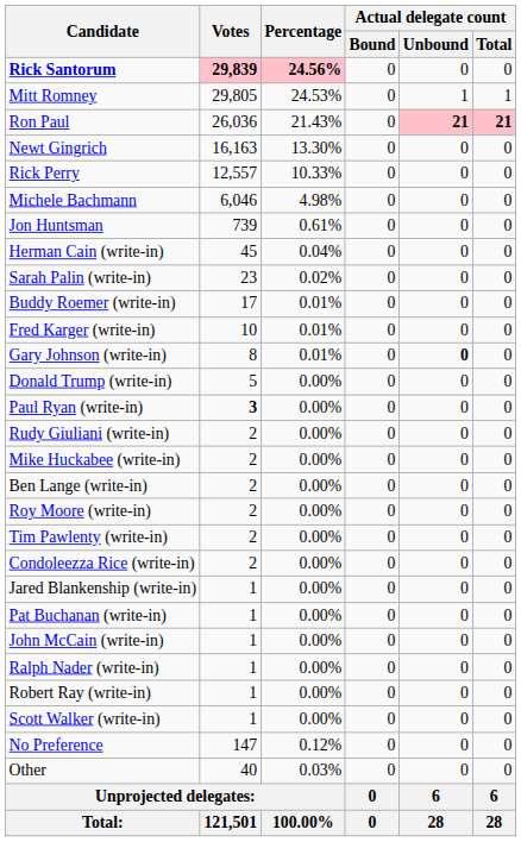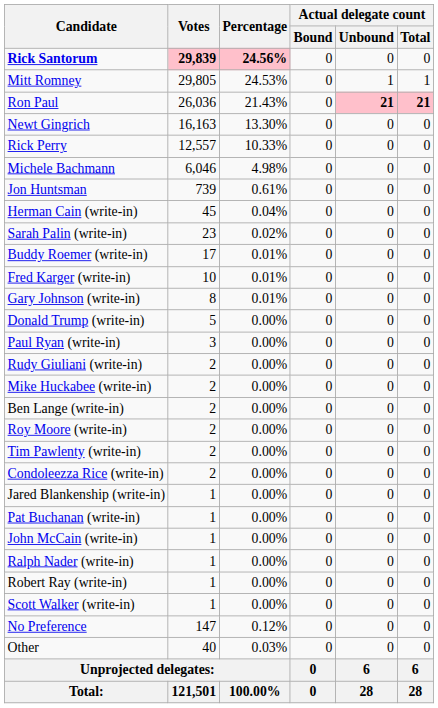 <table class="wikitable" style="text-align:right;">
 <tr>
 <th rowspan="2">Candidate</th>
 <th rowspan="2">Votes</th>
 <th rowspan="2">Percentage</th>
 <th colspan="3">Actual delegate count</th>
 </tr>
 <tr>
 <th>Bound</th>
 <th>Unbound</th>
 <th>Total</th>
 </tr>
 <tr>
 <td style="text-align:left;"> <strong><a href='#'>Rick Santorum</a></strong></td>
 <td style="background:pink;"><strong>29,839</strong></td>
 <td style="background:pink;"><strong>24.56%</strong></td>
 <td>0</td>
 <td>0</td>
 <td>0</td>
 </tr>
 <tr>
 <td style="text-align:left;"><a href='#'>Mitt Romney</a></td>
 <td>29,805</td>
 <td>24.53%</td>
 <td>0</td>
 <td>1</td>
 <td>1</td>
 </tr>
 <tr>
 <td style="text-align:left;"><a href='#'>Ron Paul</a></td>
 <td>26,036</td>
 <td>21.43%</td>
 <td>0</td>
 <td style="background:pink;"><strong>21</strong></td>
 <td style="background:pink;"><strong>21</strong></td>
 </tr>
 <tr>
 <td style="text-align:left;"><a href='#'>Newt Gingrich</a></td>
 <td>16,163</td>
 <td>13.30%</td>
 <td>0</td>
 <td>0</td>
 <td>0</td>
 </tr>
 <tr>
 <td style="text-align:left;"><a href='#'>Rick Perry</a></td>
 <td>12,557</td>
 <td>10.33%</td>
 <td>0</td>
 <td>0</td>
 <td>0</td>
 </tr>
 <tr>
 <td style="text-align:left;"><a href='#'>Michele Bachmann</a></td>
 <td>6,046</td>
 <td>4.98%</td>
 <td>0</td>
 <td>0</td>
 <td>0</td>
 </tr>
 <tr>
 <td style="text-align:left;"><a href='#'>Jon Huntsman</a></td>
 <td>739</td>
 <td>0.61%</td>
 <td>0</td>
 <td>0</td>
 <td>0</td>
 </tr>
 <tr>
 <td style="text-align:left;"><a href='#'>Herman Cain</a> (write-in)</td>
 <td>45</td>
 <td>0.04%</td>
 <td>0</td>
 <td>0</td>
 <td>0</td>
 </tr>
 <tr>
 <td style="text-align:left;"><a href='#'>Sarah Palin</a> (write-in)</td>
 <td>23</td>
 <td>0.02%</td>
 <td>0</td>
 <td>0</td>
 <td>0</td>
 </tr>
 <tr>
 <td style="text-align:left;"><a href='#'>Buddy Roemer</a> (write-in)</td>
 <td>17</td>
 <td>0.01%</td>
 <td>0</td>
 <td>0</td>
 <td>0</td>
 </tr>
 <tr>
 <td style="text-align:left;"><a href='#'>Fred Karger</a> (write-in)</td>
 <td>10</td>
 <td>0.01%</td>
 <td>0</td>
 <td>0</td>
 <td>0</td>
 </tr>
 <tr>
 <td style="text-align:left;"><a href='#'>Gary Johnson</a> (write-in)</td>
 <td>8</td>
 <td>0.01%</td>
 <td>0</td>
-<td><strong>0</strong></td>
+<td>0</td>
 <td>0</td>
 </tr>
 <tr>
 <td style="text-align:left;"><a href='#'>Donald Trump</a> (write-in)</td>
 <td>5</td>
 <td>0.00%</td>
 <td>0</td>
 <td>0</td>
 <td>0</td>
 </tr>
 <tr>
 <td style="text-align:left;"><a href='#'>Paul Ryan</a> (write-in)</td>
-<td><strong>3</strong></td>
+<td>3</td>
 <td>0.00%</td>
 <td>0</td>
 <td>0</td>
 <td>0</td>
 </tr>
 <tr>
 <td style="text-align:left;"><a href='#'>Rudy Giuliani</a> (write-in)</td>
 <td>2</td>
 <td>0.00%</td>
 <td>0</td>
 <td>0</td>
 <td>0</td>
 </tr>
 <tr>
 <td style="text-align:left;"><a href='#'>Mike Huckabee</a> (write-in)</td>
 <td>2</td>
 <td>0.00%</td>
 <td>0</td>
 <td>0</td>
 <td>0</td>
 </tr>
 <tr>
 <td style="text-align:left;">Ben Lange (write-in)</td>
 <td>2</td>
 <td>0.00%</td>
 <td>0</td>
 <td>0</td>
 <td>0</td>
 </tr>
 <tr>
 <td style="text-align:left;"><a href='#'>Roy Moore</a> (write-in)</td>
 <td>2</td>
 <td>0.00%</td>
 <td>0</td>
 <td>0</td>
 <td>0</td>
 </tr>
 <tr>
 <td style="text-align:left;"><a href='#'>Tim Pawlenty</a> (write-in)</td>
 <td>2</td>
 <td>0.00%</td>
 <td>0</td>
 <td>0</td>
 <td>0</td>
 </tr>
 <tr>
 <td style="text-align:left;"><a href='#'>Condoleezza Rice</a> (write-in)</td>
 <td>2</td>
 <td>0.00%</td>
 <td>0</td>
 <td>0</td>
 <td>0</td>
 </tr>
 <tr>
 <td style="text-align:left;">Jared Blankenship (write-in)</td>
 <td>1</td>
 <td>0.00%</td>
 <td>0</td>
 <td>0</td>
 <td>0</td>
 </tr>
 <tr>
 <td style="text-align:left;"><a href='#'>Pat Buchanan</a> (write-in)</td>
 <td>1</td>
 <td>0.00%</td>
 <td>0</td>
 <td>0</td>
 <td>0</td>
 </tr>
 <tr>
 <td style="text-align:left;"><a href='#'>John McCain</a> (write-in)</td>
 <td>1</td>
 <td>0.00%</td>
 <td>0</td>
 <td>0</td>
 <td>0</td>
 </tr>
 <tr>
 <td style="text-align:left;"><a href='#'>Ralph Nader</a> (write-in)</td>
 <td>1</td>
 <td>0.00%</td>
 <td>0</td>
 <td>0</td>
 <td>0</td>
 </tr>
 <tr>
 <td style="text-align:left;">Robert Ray (write-in)</td>
 <td>1</td>
 <td>0.00%</td>
 <td>0</td>
 <td>0</td>
 <td>0</td>
 </tr>
 <tr>
 <td style="text-align:left;"><a href='#'>Scott Walker</a> (write-in)</td>
 <td>1</td>
 <td>0.00%</td>
 <td>0</td>
 <td>0</td>
 <td>0</td>
 </tr>
 <tr>
 <td style="text-align:left;"><a href='#'>No Preference</a></td>
 <td>147</td>
 <td>0.12%</td>
 <td>0</td>
 <td>0</td>
 <td>0</td>
 </tr>
 <tr>
 <td style="text-align:left;">Other</td>
 <td>40</td>
 <td>0.03%</td>
 <td>0</td>
 <td>0</td>
 <td>0</td>
 </tr>
 <tr style="background:#eee;">
 <th colspan="3">Unprojected delegates:</th>
 <th>0</th>
 <th>6</th>
 <th>6</th>
 </tr>
 <tr style="background:#eee;">
 <th>Total:</th>
 <th>121,501</th>
 <th>100.00%</th>
 <th>0</th>
 <th>28</th>
 <th>28</th>
 </tr>
 </table>
